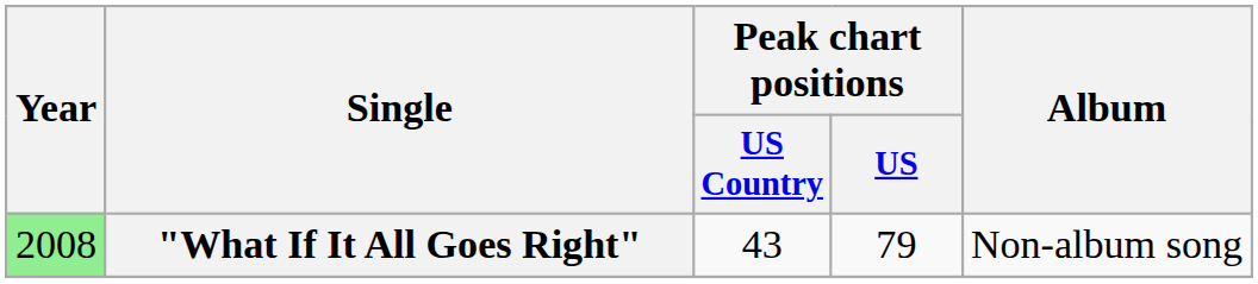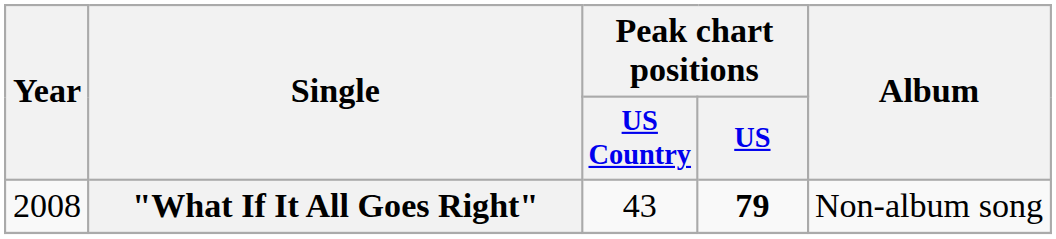 <table class="wikitable plainrowheaders" style="text-align:center;">
 <tr>
 <th rowspan="2">Year</th>
 <th rowspan="2" style="width:14em;">Single</th>
 <th colspan="2">Peak chart<br>positions</th>
 <th rowspan="2">Album</th>
 </tr>
 <tr style="font-size:smaller;">
 <th width="45"><a href='#'>US Country</a></th>
 <th width="45"><a href='#'>US</a></th>
 </tr>
 <tr>
-<td style="background: lightgreen;">2008</td>
+<td>2008</td>
 <th scope="row">"What If It All Goes Right"</th>
 <td>43</td>
-<td>79</td>
+<td><strong>79</strong></td>
 <td align="left">Non-album song</td>
 </tr>
 <tr>
 </tr>
 </table>
